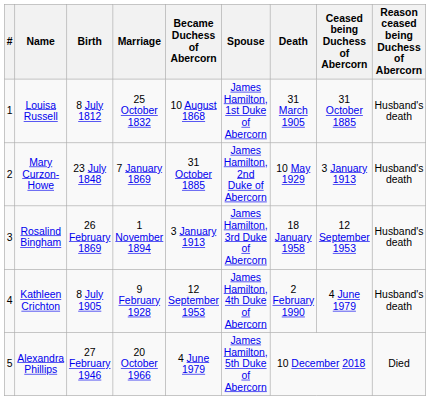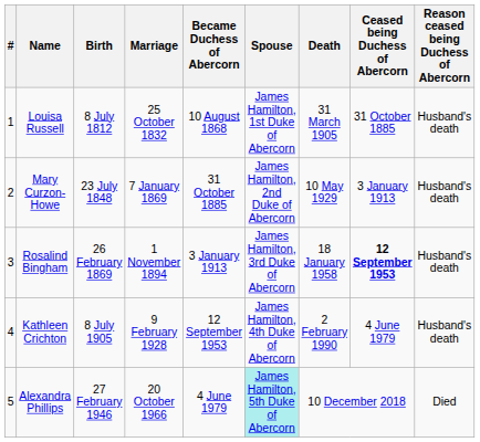 <table class="wikitable" width="100%" style="text-align:center">
 <tr>
 <th>#</th>
 <th>Name</th>
 <th>Birth</th>
 <th>Marriage</th>
 <th>Became Duchess of Abercorn</th>
 <th>Spouse</th>
 <th>Death</th>
 <th>Ceased being Duchess of Abercorn</th>
 <th>Reason ceased being Duchess of Abercorn</th>
 </tr>
 <tr>
 <td>1</td>
 <td><a href='#'>Louisa Russell</a></td>
 <td>8 <a href='#'>July</a> <a href='#'>1812</a></td>
 <td>25 <a href='#'>October</a> <a href='#'>1832</a></td>
 <td>10 <a href='#'>August</a> <a href='#'>1868</a></td>
 <td><a href='#'>James Hamilton, 1st Duke of Abercorn</a></td>
 <td>31 <a href='#'>March</a> <a href='#'>1905</a></td>
 <td>31 <a href='#'>October</a> <a href='#'>1885</a></td>
 <td>Husband's death</td>
 </tr>
 <tr>
 <td>2</td>
 <td><a href='#'>Mary Curzon-Howe</a></td>
 <td>23 <a href='#'>July</a> <a href='#'>1848</a></td>
 <td>7 <a href='#'>January</a> <a href='#'>1869</a></td>
 <td>31 <a href='#'>October</a> <a href='#'>1885</a></td>
 <td><a href='#'>James Hamilton, 2nd Duke of Abercorn</a></td>
 <td>10 <a href='#'>May</a> <a href='#'>1929</a></td>
 <td>3 <a href='#'>January</a> <a href='#'>1913</a></td>
 <td>Husband's death</td>
 </tr>
 <tr>
 <td>3</td>
 <td><a href='#'>Rosalind Bingham</a></td>
 <td>26 <a href='#'>February</a> <a href='#'>1869</a></td>
 <td>1 <a href='#'>November</a> <a href='#'>1894</a></td>
 <td>3 <a href='#'>January</a> <a href='#'>1913</a></td>
 <td><a href='#'>James Hamilton, 3rd Duke of Abercorn</a></td>
 <td>18 <a href='#'>January</a> <a href='#'>1958</a></td>
-<td>12 <a href='#'>September</a> <a href='#'>1953</a></td>
+<td><strong>12 <a href='#'>September</a> <a href='#'>1953</a></strong></td>
 <td>Husband's death</td>
 </tr>
 <tr>
 <td>4</td>
 <td><a href='#'>Kathleen Crichton</a></td>
 <td>8 <a href='#'>July</a> <a href='#'>1905</a></td>
 <td>9 <a href='#'>February</a> <a href='#'>1928</a></td>
 <td>12 <a href='#'>September</a> <a href='#'>1953</a></td>
 <td><a href='#'>James Hamilton, 4th Duke of Abercorn</a></td>
 <td>2 <a href='#'>February</a> <a href='#'>1990</a></td>
 <td>4 <a href='#'>June</a> <a href='#'>1979</a></td>
 <td>Husband's death</td>
 </tr>
 <tr>
 <td>5</td>
 <td><a href='#'>Alexandra Phillips</a></td>
 <td>27 <a href='#'>February</a> <a href='#'>1946</a></td>
 <td>20 <a href='#'>October</a> <a href='#'>1966</a></td>
 <td>4 <a href='#'>June</a> <a href='#'>1979</a></td>
-<td><a href='#'>James Hamilton, 5th Duke of Abercorn</a></td>
+<td style="background: paleturquoise;"><a href='#'>James Hamilton, 5th Duke of Abercorn</a></td>
 <td colspan="2">10 <a href='#'>December</a> <a href='#'>2018</a></td>
 <td>Died</td>
 </tr>
 </table>
